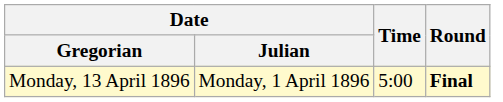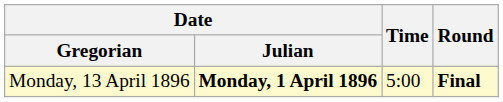 <table class="wikitable">
 <tr>
 <th colspan=2>Date</th>
 <th rowspan=2>Time</th>
 <th rowspan=2>Round</th>
 </tr>
 <tr>
 <th>Gregorian</th>
 <th>Julian</th>
 </tr>
 <tr style=background:lemonchiffon>
 <td>Monday, 13 April 1896</td>
-<td>Monday, 1 April 1896</td>
+<td><strong>Monday, 1 April 1896</strong></td>
 <td>5:00</td>
 <td><strong>Final</strong></td>
 </tr>
 </table>
